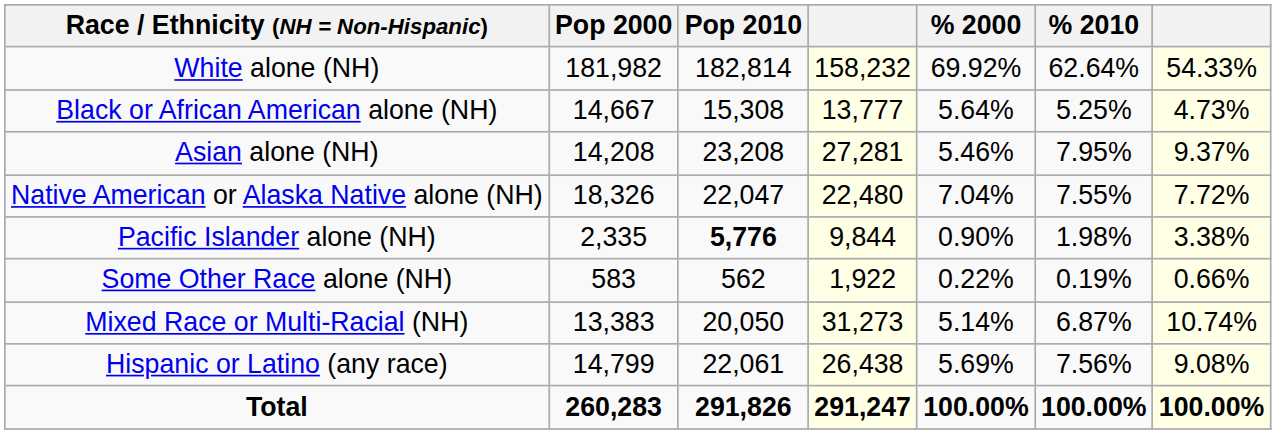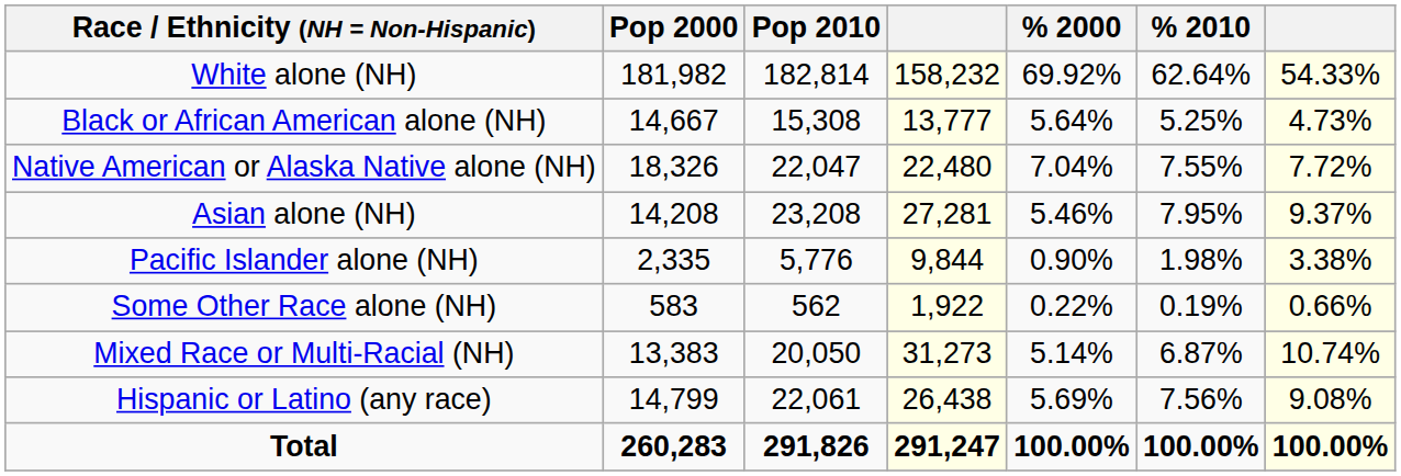 <table class="wikitable" style="text-align:center;">
 <tr>
 <th>Race / Ethnicity <small>(<em>NH = Non-Hispanic</em>)</small></th>
 <th>Pop 2000</th>
 <th>Pop 2010</th>
 <th></th>
 <th>% 2000</th>
 <th>% 2010</th>
 <th></th>
 </tr>
 <tr>
 <td><a href='#'>White</a> alone (NH)</td>
 <td>181,982</td>
 <td>182,814</td>
 <td style='background: #ffffe6;'>158,232</td>
 <td>69.92%</td>
 <td>62.64%</td>
 <td style='background: #ffffe6;'>54.33%</td>
 </tr>
 <tr>
 <td><a href='#'>Black or African American</a> alone (NH)</td>
 <td>14,667</td>
 <td>15,308</td>
 <td style='background: #ffffe6;'>13,777</td>
 <td>5.64%</td>
 <td>5.25%</td>
 <td style='background: #ffffe6;'>4.73%</td>
 </tr>
 <tr>
+<td><a href='#'>Native American</a> or <a href='#'>Alaska Native</a> alone (NH)</td>
+<td>18,326</td>
+<td>22,047</td>
+<td style='background: #ffffe6;'>22,480</td>
+<td>7.04%</td>
+<td>7.55%</td>
+<td style='background: #ffffe6;'>7.72%</td>
+</tr>
+<tr>
 <td><a href='#'>Asian</a> alone (NH)</td>
 <td>14,208</td>
 <td>23,208</td>
 <td style='background: #ffffe6;'>27,281</td>
 <td>5.46%</td>
 <td>7.95%</td>
 <td style='background: #ffffe6;'>9.37%</td>
 </tr>
 <tr>
-<td><a href='#'>Native American</a> or <a href='#'>Alaska Native</a> alone (NH)</td>
-<td>18,326</td>
-<td>22,047</td>
-<td style='background: #ffffe6;'>22,480</td>
-<td>7.04%</td>
-<td>7.55%</td>
-<td style='background: #ffffe6;'>7.72%</td>
-</tr>
-<tr>
 <td><a href='#'>Pacific Islander</a> alone (NH)</td>
 <td>2,335</td>
-<td><strong>5,776</strong></td>
+<td>5,776</td>
 <td style='background: #ffffe6;'>9,844</td>
 <td>0.90%</td>
 <td>1.98%</td>
 <td style='background: #ffffe6;'>3.38%</td>
 </tr>
 <tr>
 <td><a href='#'>Some Other Race</a> alone (NH)</td>
 <td>583</td>
 <td>562</td>
 <td style='background: #ffffe6;'>1,922</td>
 <td>0.22%</td>
 <td>0.19%</td>
 <td style='background: #ffffe6;'>0.66%</td>
 </tr>
 <tr>
 <td><a href='#'>Mixed Race or Multi-Racial</a> (NH)</td>
 <td>13,383</td>
 <td>20,050</td>
 <td style='background: #ffffe6;'>31,273</td>
 <td>5.14%</td>
 <td>6.87%</td>
 <td style='background: #ffffe6;'>10.74%</td>
 </tr>
 <tr>
 <td><a href='#'>Hispanic or Latino</a> (any race)</td>
 <td>14,799</td>
 <td>22,061</td>
 <td style='background: #ffffe6;'>26,438</td>
 <td>5.69%</td>
 <td>7.56%</td>
 <td style='background: #ffffe6;'>9.08%</td>
 </tr>
 <tr>
 <td><strong>Total</strong></td>
 <td><strong>260,283</strong></td>
 <td><strong>291,826</strong></td>
 <td style='background: #ffffe6;'><strong>291,247</strong></td>
 <td><strong>100.00%</strong></td>
 <td><strong>100.00%</strong></td>
 <td style='background: #ffffe6;'><strong>100.00%</strong></td>
 </tr>
 </table>
